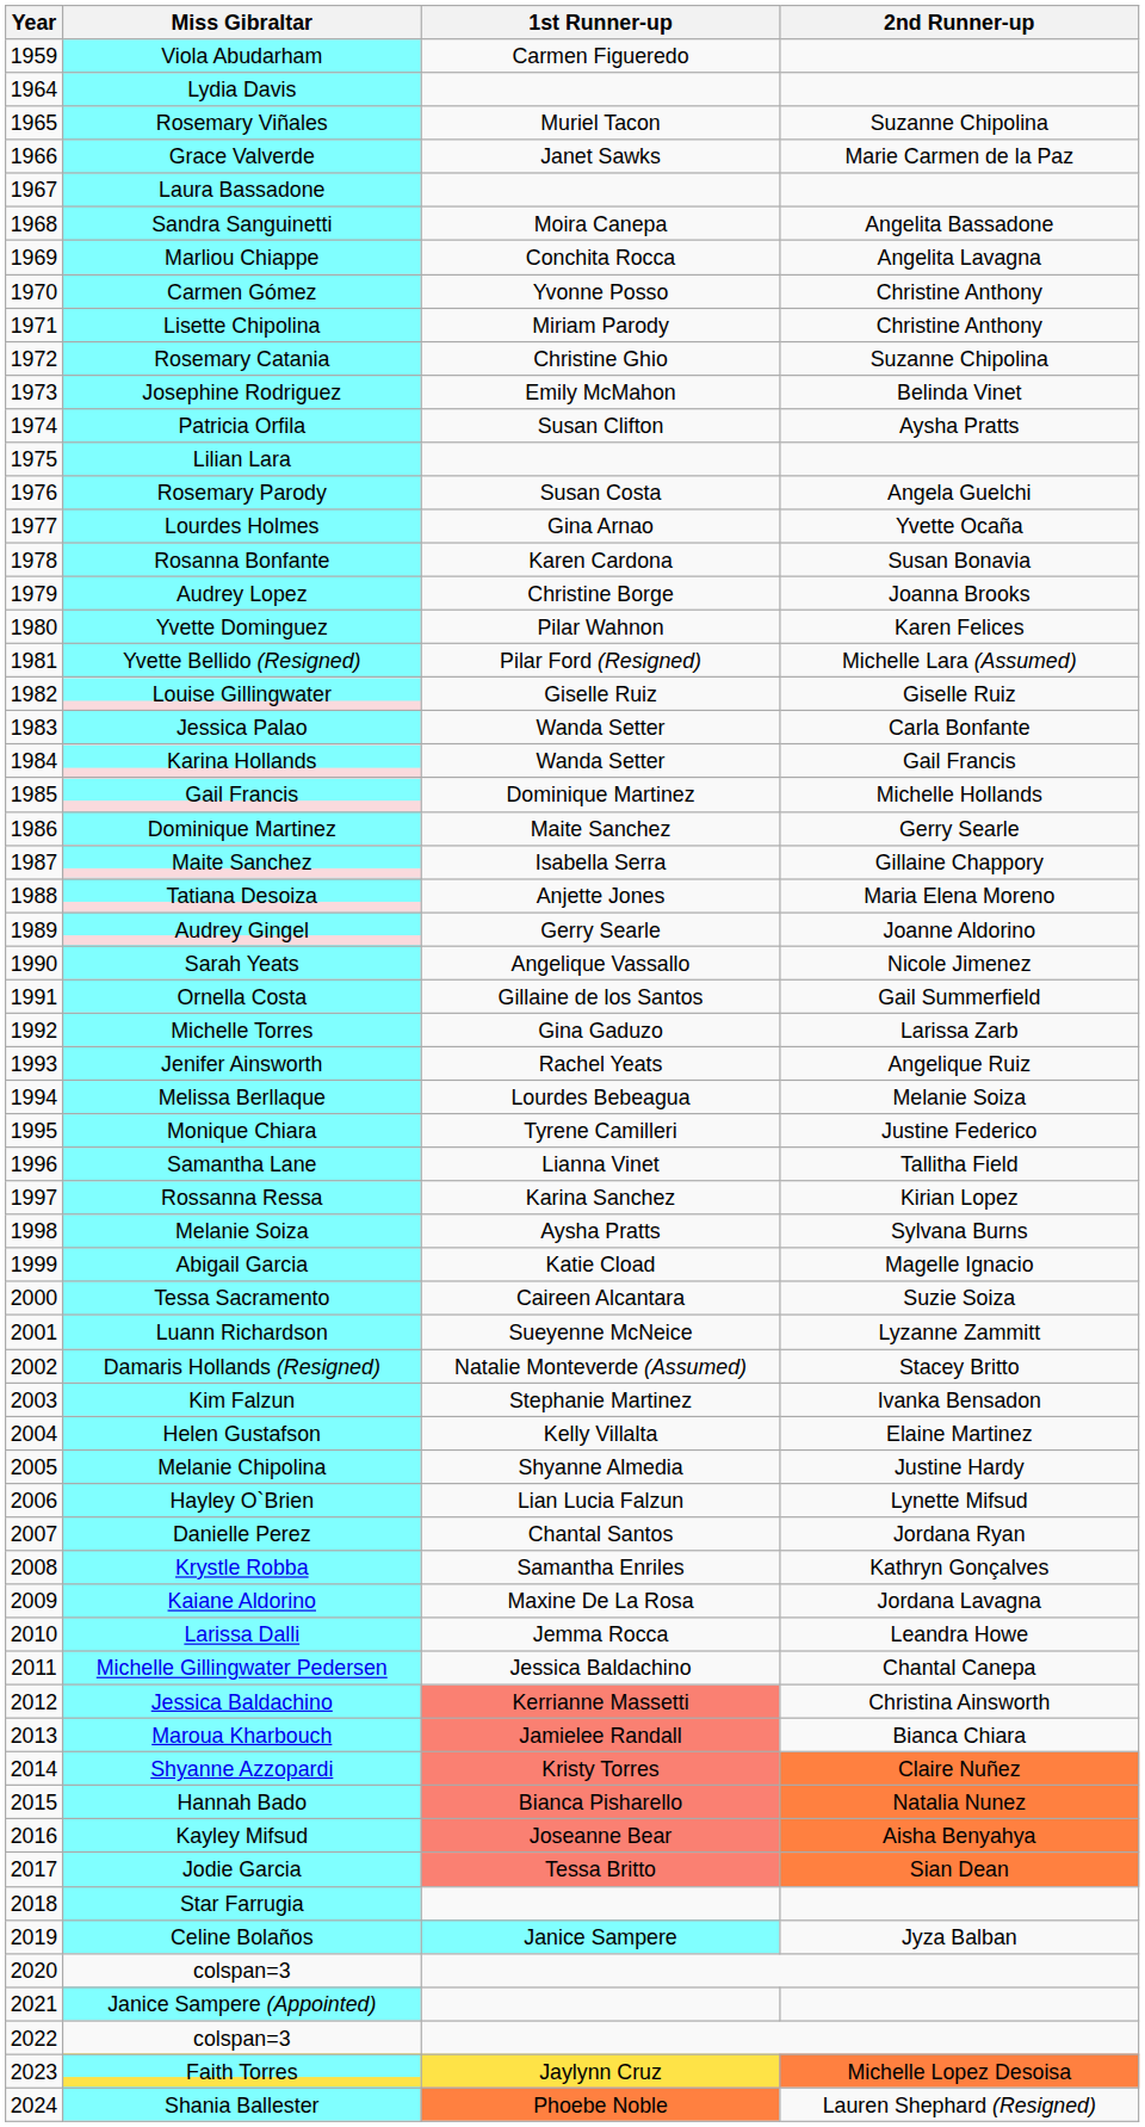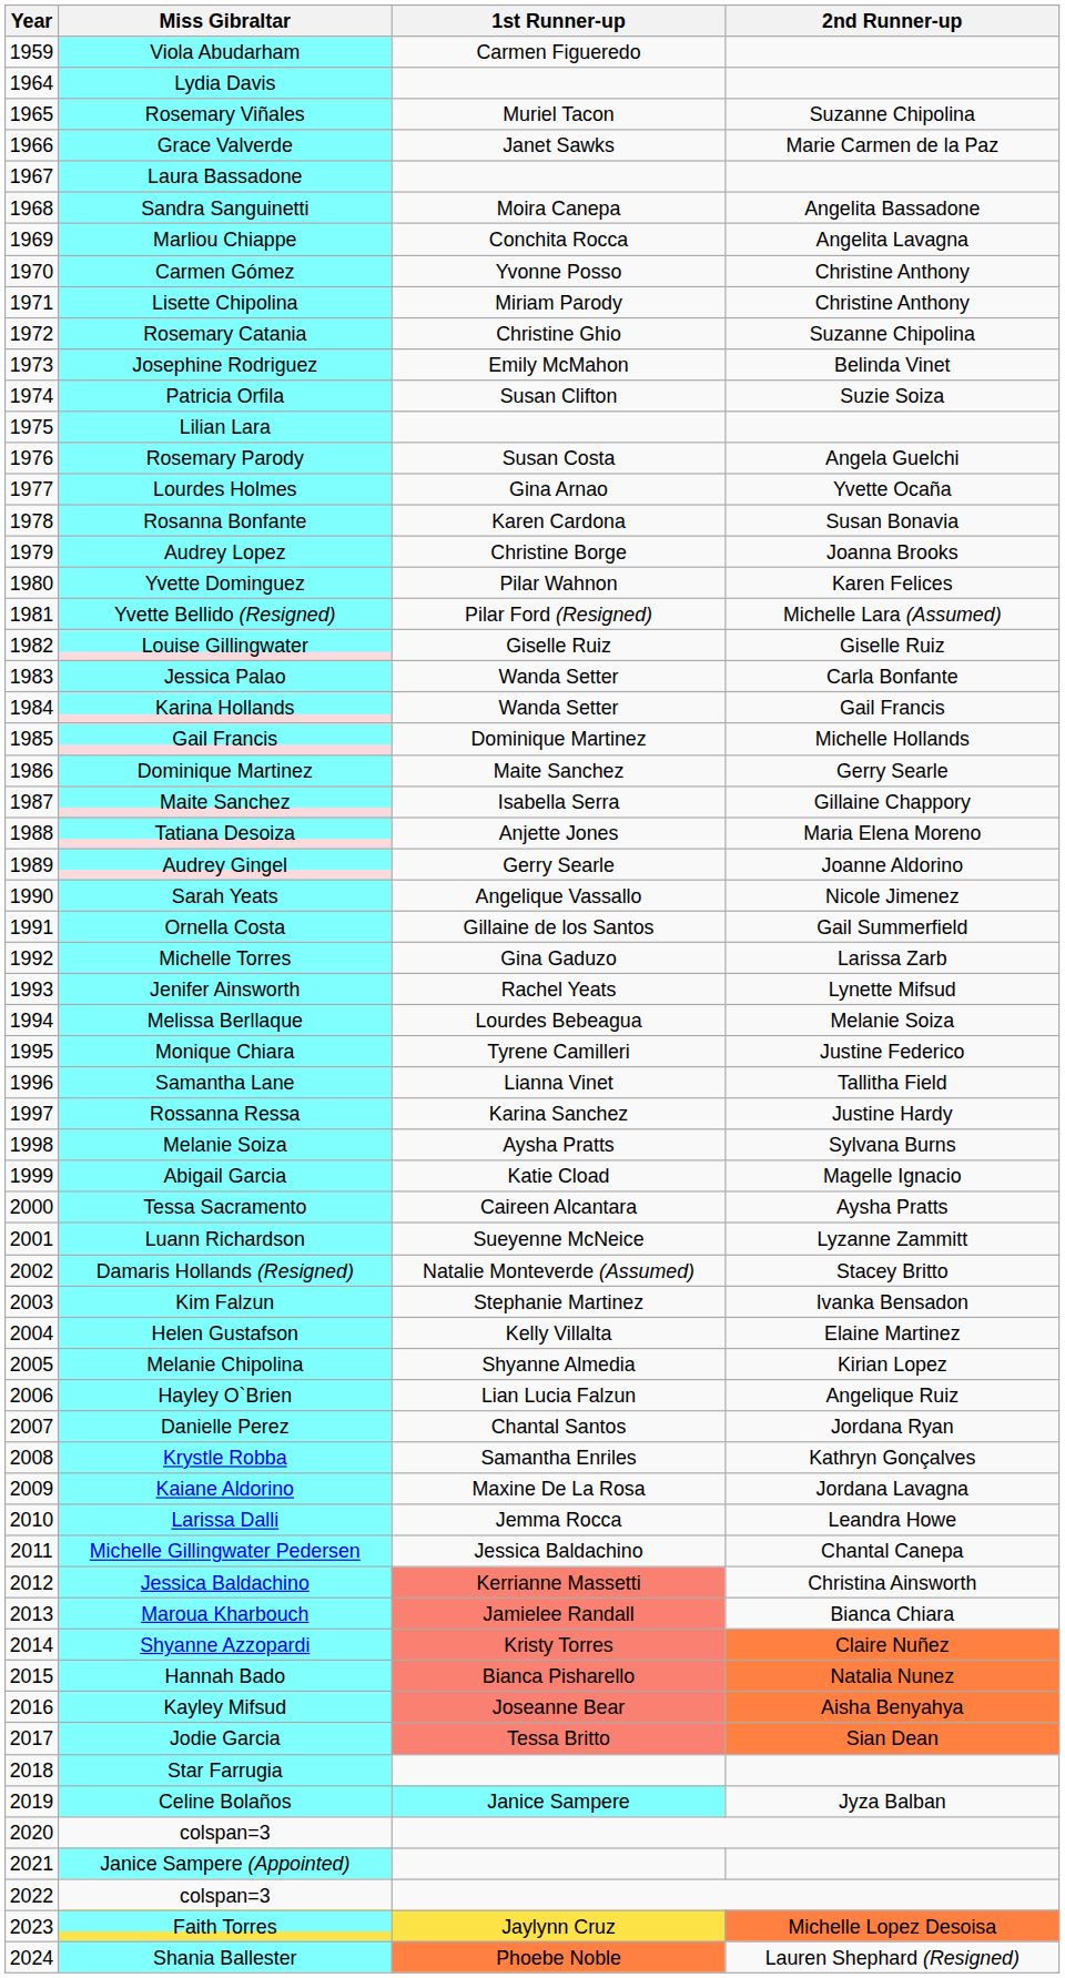 <table class="wikitable sortable" style="font-size:95%; text-align:center;">
 <tr>
 <th !width="60">Year</th>
 <th width="250">Miss Gibraltar</th>
 <th width="250">1st Runner-up</th>
 <th width="250">2nd Runner-up</th>
 </tr>
 <tr>
 <td>1959</td>
 <td style="background:#80FFFF;">Viola Abudarham</td>
 <td>Carmen Figueredo</td>
 <td></td>
 </tr>
 <tr>
 <td>1964</td>
 <td style="background:#80FFFF;">Lydia Davis</td>
 <td></td>
 <td></td>
 </tr>
 <tr>
 <td>1965</td>
 <td style="background:#80FFFF;">Rosemary Viñales</td>
 <td>Muriel Tacon</td>
 <td>Suzanne Chipolina</td>
 </tr>
 <tr>
 <td>1966</td>
 <td style="background:#80FFFF;">Grace Valverde</td>
 <td>Janet Sawks</td>
 <td>Marie Carmen de la Paz</td>
 </tr>
 <tr>
 <td>1967</td>
 <td style="background:#80FFFF;">Laura Bassadone</td>
 <td></td>
 <td></td>
 </tr>
 <tr>
 <td>1968</td>
 <td style="background:#80FFFF;">Sandra Sanguinetti</td>
 <td>Moira Canepa</td>
 <td>Angelita Bassadone</td>
 </tr>
 <tr>
 <td>1969</td>
 <td style="background:#80FFFF;">Marliou Chiappe</td>
 <td>Conchita Rocca</td>
 <td>Angelita Lavagna</td>
 </tr>
 <tr>
 <td>1970</td>
 <td style="background:#80FFFF;">Carmen Gómez</td>
 <td>Yvonne Posso</td>
 <td>Christine Anthony</td>
 </tr>
 <tr>
 <td>1971</td>
 <td style="background:#80FFFF;">Lisette Chipolina</td>
 <td>Miriam Parody</td>
 <td>Christine Anthony</td>
 </tr>
 <tr>
 <td>1972</td>
 <td style="background:#80FFFF;">Rosemary Catania</td>
 <td>Christine Ghio</td>
 <td>Suzanne Chipolina</td>
 </tr>
 <tr>
 <td>1973</td>
 <td style="background:#80FFFF;">Josephine Rodriguez</td>
 <td>Emily McMahon</td>
 <td>Belinda Vinet</td>
 </tr>
 <tr>
 <td>1974</td>
 <td style="background:#80FFFF;">Patricia Orfila</td>
 <td>Susan Clifton</td>
-<td>Aysha Pratts</td>
+<td>Suzie Soiza</td>
 </tr>
 <tr>
 <td>1975</td>
 <td style="background:#80FFFF;">Lilian Lara</td>
 <td></td>
 <td></td>
 </tr>
 <tr>
 <td>1976</td>
 <td style="background:#80FFFF;">Rosemary Parody</td>
 <td>Susan Costa</td>
 <td>Angela Guelchi</td>
 </tr>
 <tr>
 <td>1977</td>
 <td style="background:#80FFFF;">Lourdes Holmes</td>
 <td>Gina Arnao</td>
 <td>Yvette Ocaña</td>
 </tr>
 <tr>
 <td>1978</td>
 <td style="background:#80FFFF;">Rosanna Bonfante</td>
 <td>Karen Cardona</td>
 <td>Susan Bonavia</td>
 </tr>
 <tr>
 <td>1979</td>
 <td style="background:#80FFFF;">Audrey Lopez</td>
 <td>Christine Borge</td>
 <td>Joanna Brooks</td>
 </tr>
 <tr>
 <td>1980</td>
 <td style="background:#80FFFF;">Yvette Dominguez</td>
 <td>Pilar Wahnon</td>
 <td>Karen Felices</td>
 </tr>
 <tr>
 <td>1981</td>
 <td style="background:#80FFFF;">Yvette Bellido <em>(Resigned)</em></td>
 <td>Pilar Ford <em>(Resigned)</em></td>
 <td>Michelle Lara <em>(Assumed)</em></td>
 </tr>
 <tr>
 <td>1982</td>
 <td style="background:linear-gradient(#80FFFF, #80FFFF 16px, #fadadd, #fadadd 16px) #fadadd;">Louise Gillingwater</td>
 <td>Giselle Ruiz</td>
 <td>Giselle Ruiz</td>
 </tr>
 <tr>
 <td>1983</td>
 <td style="background:#80FFFF;">Jessica Palao</td>
 <td>Wanda Setter</td>
 <td>Carla Bonfante</td>
 </tr>
 <tr>
 <td>1984</td>
 <td style="background:linear-gradient(#80FFFF, #80FFFF 16px, #fadadd, #fadadd 16px) #fadadd;">Karina Hollands</td>
 <td>Wanda Setter</td>
 <td>Gail Francis</td>
 </tr>
 <tr>
 <td>1985</td>
 <td style="background:linear-gradient(#80FFFF, #80FFFF 16px, #fadadd, #fadadd 16px) #fadadd;">Gail Francis</td>
 <td>Dominique Martinez</td>
 <td>Michelle Hollands</td>
 </tr>
 <tr>
 <td>1986</td>
 <td style="background:#80FFFF;">Dominique Martinez</td>
 <td>Maite Sanchez</td>
 <td>Gerry Searle</td>
 </tr>
 <tr>
 <td>1987</td>
 <td style="background:linear-gradient(#80FFFF, #80FFFF 16px, #fadadd, #fadadd 16px) #fadadd;">Maite Sanchez</td>
 <td>Isabella Serra</td>
 <td>Gillaine Chappory</td>
 </tr>
 <tr>
 <td>1988</td>
 <td style="background:linear-gradient(#80FFFF, #80FFFF 16px, #fadadd, #fadadd 16px) #fadadd;">Tatiana Desoiza</td>
 <td>Anjette Jones</td>
 <td>Maria Elena Moreno</td>
 </tr>
 <tr>
 <td>1989</td>
 <td style="background:linear-gradient(#80FFFF, #80FFFF 16px, #fadadd, #fadadd 16px) #fadadd;">Audrey Gingel</td>
 <td>Gerry Searle</td>
 <td>Joanne Aldorino</td>
 </tr>
 <tr>
 <td>1990</td>
 <td style="background:#80FFFF;">Sarah Yeats</td>
 <td>Angelique Vassallo</td>
 <td>Nicole Jimenez</td>
 </tr>
 <tr>
 <td>1991</td>
 <td style="background:#80FFFF;">Ornella Costa</td>
 <td>Gillaine de los Santos</td>
 <td>Gail Summerfield</td>
 </tr>
 <tr>
 <td>1992</td>
 <td style="background:#80FFFF;">Michelle Torres</td>
 <td>Gina Gaduzo</td>
 <td>Larissa Zarb</td>
 </tr>
 <tr>
 <td>1993</td>
 <td style="background:#80FFFF;">Jenifer Ainsworth</td>
 <td>Rachel Yeats</td>
-<td>Angelique Ruiz</td>
+<td>Lynette Mifsud</td>
 </tr>
 <tr>
 <td>1994</td>
 <td style="background:#80FFFF;">Melissa Berllaque</td>
 <td>Lourdes Bebeagua</td>
 <td>Melanie Soiza</td>
 </tr>
 <tr>
 <td>1995</td>
 <td style="background:#80FFFF;">Monique Chiara</td>
 <td>Tyrene Camilleri</td>
 <td>Justine Federico</td>
 </tr>
 <tr>
 <td>1996</td>
 <td style="background:#80FFFF;">Samantha Lane</td>
 <td>Lianna Vinet</td>
 <td>Tallitha Field</td>
 </tr>
 <tr>
 <td>1997</td>
 <td style="background:#80FFFF;">Rossanna Ressa</td>
 <td>Karina Sanchez</td>
-<td>Kirian Lopez</td>
+<td>Justine Hardy</td>
 </tr>
 <tr>
 <td>1998</td>
 <td style="background:#80FFFF;">Melanie Soiza</td>
 <td>Aysha Pratts</td>
 <td>Sylvana Burns</td>
 </tr>
 <tr>
 <td>1999</td>
 <td style="background:#80FFFF;">Abigail Garcia</td>
 <td>Katie Cload</td>
 <td>Magelle Ignacio</td>
 </tr>
 <tr>
 <td>2000</td>
 <td style="background:#80FFFF;">Tessa Sacramento</td>
 <td>Caireen Alcantara</td>
-<td>Suzie Soiza</td>
+<td>Aysha Pratts</td>
 </tr>
 <tr>
 <td>2001</td>
 <td style="background:#80FFFF;">Luann Richardson</td>
 <td>Sueyenne McNeice</td>
 <td>Lyzanne Zammitt</td>
 </tr>
 <tr>
 <td>2002</td>
 <td style="background:#80FFFF;">Damaris Hollands <em>(Resigned)</em></td>
 <td>Natalie Monteverde <em>(Assumed)</em></td>
 <td>Stacey Britto</td>
 </tr>
 <tr>
 <td>2003</td>
 <td style="background:#80FFFF;">Kim Falzun</td>
 <td>Stephanie Martinez</td>
 <td>Ivanka Bensadon</td>
 </tr>
 <tr>
 <td>2004</td>
 <td style="background:#80FFFF;">Helen Gustafson</td>
 <td>Kelly Villalta</td>
 <td>Elaine Martinez</td>
 </tr>
 <tr>
 <td>2005</td>
 <td style="background:#80FFFF;">Melanie Chipolina</td>
 <td>Shyanne Almedia</td>
-<td>Justine Hardy</td>
+<td>Kirian Lopez</td>
 </tr>
 <tr>
 <td>2006</td>
 <td style="background:#80FFFF;">Hayley O`Brien</td>
 <td>Lian Lucia Falzun</td>
-<td>Lynette Mifsud</td>
+<td>Angelique Ruiz</td>
 </tr>
 <tr>
 <td>2007</td>
 <td style="background:#80FFFF;">Danielle Perez</td>
 <td>Chantal Santos</td>
 <td>Jordana Ryan</td>
 </tr>
 <tr>
 <td>2008</td>
 <td style="background:#80FFFF;"><a href='#'>Krystle Robba</a></td>
 <td>Samantha Enriles</td>
 <td>Kathryn Gonçalves</td>
 </tr>
 <tr>
 <td>2009</td>
 <td style="background:#80FFFF;"><a href='#'>Kaiane Aldorino</a></td>
 <td>Maxine De La Rosa</td>
 <td>Jordana Lavagna</td>
 </tr>
 <tr>
 <td>2010</td>
 <td style="background:#80FFFF;"><a href='#'>Larissa Dalli</a></td>
 <td>Jemma Rocca</td>
 <td>Leandra Howe</td>
 </tr>
 <tr>
 <td>2011</td>
 <td style="background:#80FFFF;"><a href='#'>Michelle Gillingwater Pedersen</a></td>
 <td>Jessica Baldachino</td>
 <td>Chantal Canepa</td>
 </tr>
 <tr>
 <td>2012</td>
 <td style="background:#80FFFF;"><a href='#'>Jessica Baldachino</a></td>
 <td style="background:#FA8072;">Kerrianne Massetti</td>
 <td>Christina Ainsworth</td>
 </tr>
 <tr>
 <td>2013</td>
 <td style="background:#80FFFF;"><a href='#'>Maroua Kharbouch</a></td>
 <td style="background:#FA8072;">Jamielee Randall</td>
 <td>Bianca Chiara</td>
 </tr>
 <tr>
 <td>2014</td>
 <td style="background:#80FFFF;"><a href='#'>Shyanne Azzopardi</a></td>
 <td style="background:#FA8072;">Kristy Torres</td>
 <td style="background:#FF8040;">Claire Nuñez</td>
 </tr>
 <tr>
 <td>2015</td>
 <td style="background:#80FFFF;">Hannah Bado</td>
 <td style="background:#FA8072;">Bianca Pisharello</td>
 <td style="background:#FF8040;">Natalia Nunez</td>
 </tr>
 <tr>
 <td>2016</td>
 <td style="background:#80FFFF;">Kayley Mifsud</td>
 <td style="background:#FA8072;">Joseanne Bear</td>
 <td style="background:#FF8040;">Aisha Benyahya</td>
 </tr>
 <tr>
 <td>2017</td>
 <td style="background:#80FFFF;">Jodie Garcia</td>
 <td style="background:#FA8072;">Tessa Britto</td>
 <td style="background:#FF8040;">Sian Dean</td>
 </tr>
 <tr>
 <td>2018</td>
 <td style="background:#80FFFF;">Star Farrugia</td>
 <td></td>
 <td></td>
 </tr>
 <tr>
 <td>2019</td>
 <td style="background:#80FFFF;">Celine Bolaños</td>
 <td style="background:#80FFFF;">Janice Sampere</td>
 <td>Jyza Balban</td>
 </tr>
 <tr>
 <td>2020</td>
 <td>colspan=3 </td>
 </tr>
 <tr>
 <td>2021</td>
 <td style="background:#80FFFF;">Janice Sampere <em>(Appointed)</em></td>
 <td></td>
 <td></td>
 </tr>
 <tr>
 <td>2022</td>
 <td>colspan=3 </td>
 </tr>
 <tr>
 <td>2023</td>
 <td style="background:linear-gradient(#80FFFF, #80FFFF 16px, #FEE347, #FEE347 16px) #FEE347;">Faith Torres</td>
 <td style="background:#FEE347;">Jaylynn Cruz</td>
 <td style="background:#FF8040;">Michelle Lopez Desoisa</td>
 </tr>
 <tr>
 <td>2024</td>
 <td style="background:#80FFFF;">Shania Ballester</td>
 <td style="background:#FF8040;">Phoebe Noble</td>
 <td>Lauren Shephard <em>(Resigned)</em></td>
 </tr>
 </table>
